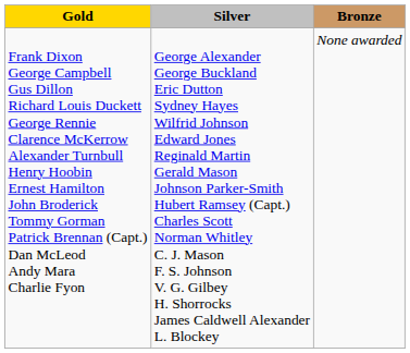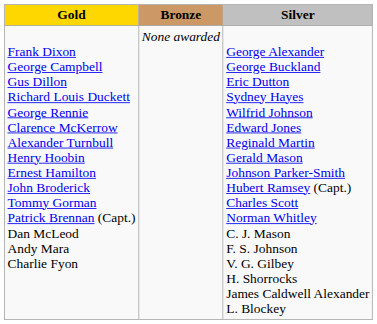 <table class=wikitable>
 <tr>
 <td align=center bgcolor=gold><strong>Gold</strong></td>
+<td align=center bgcolor=cc9966><strong>Bronze</strong></td>
 <td align=center bgcolor=silver><strong>Silver</strong></td>
-<td align=center bgcolor=cc9966><strong>Bronze</strong></td>
 </tr>
 <tr valign="top">
 <td><br><a href='#'>Frank Dixon</a><br><a href='#'>George Campbell</a><br><a href='#'>Gus Dillon</a><br><a href='#'>Richard Louis Duckett</a><br><a href='#'>George Rennie</a><br><a href='#'>Clarence McKerrow</a><br><a href='#'>Alexander Turnbull</a><br><a href='#'>Henry Hoobin</a><br><a href='#'>Ernest Hamilton</a><br><a href='#'>John Broderick</a><br><a href='#'>Tommy Gorman</a><br><a href='#'>Patrick Brennan</a> (Capt.)<br>Dan McLeod<br>Andy Mara<br>Charlie Fyon</td>
+<td align=center><em>None awarded</em></td>
 <td><br><a href='#'>George Alexander</a><br><a href='#'>George Buckland</a><br><a href='#'>Eric Dutton</a><br><a href='#'>Sydney Hayes</a><br><a href='#'>Wilfrid Johnson</a><br><a href='#'>Edward Jones</a><br><a href='#'>Reginald Martin</a><br><a href='#'>Gerald Mason</a><br><a href='#'>Johnson Parker-Smith</a><br><a href='#'>Hubert Ramsey</a> (Capt.)<br><a href='#'>Charles Scott</a><br><a href='#'>Norman Whitley</a><br>C. J. Mason<br>F. S. Johnson<br>V. G. Gilbey<br>H. Shorrocks<br>James Caldwell Alexander<br>L. Blockey</td>
-<td align=center><em>None awarded</em></td>
 </tr>
 </table>
